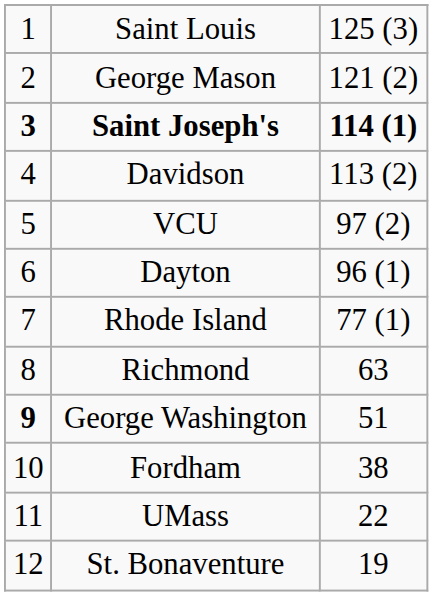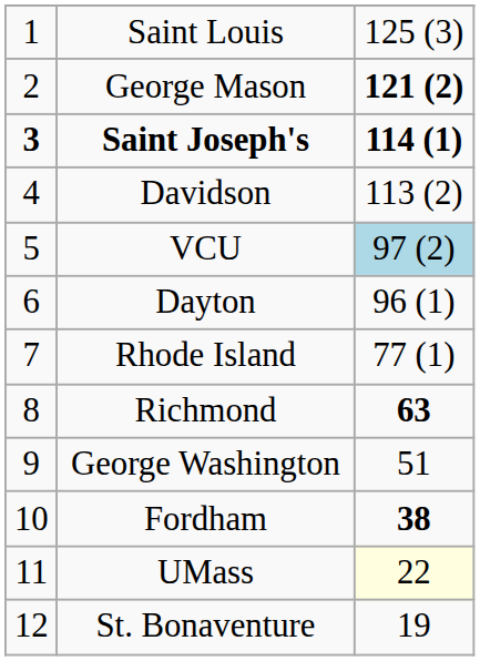 <table class="wikitable" style="width: 25%;text-align: center;">
 <tr align="center">
 </tr>
 <tr align="center">
 <td>1</td>
 <td>Saint Louis</td>
 <td>125 (3)</td>
 </tr>
 <tr>
 <td>2</td>
 <td>George Mason</td>
-<td>121 (2)</td>
+<td><strong>121 (2)</strong></td>
 </tr>
 <tr>
 <td><strong>3</strong></td>
 <td><strong>Saint Joseph's</strong></td>
 <td><strong>114 (1)</strong></td>
 </tr>
 <tr>
 <td>4</td>
 <td>Davidson</td>
 <td>113 (2)</td>
 </tr>
 <tr>
 <td>5</td>
 <td>VCU</td>
-<td>97 (2)</td>
+<td style="background: lightblue;">97 (2)</td>
 </tr>
 <tr>
 <td>6</td>
 <td>Dayton</td>
 <td>96 (1)</td>
 </tr>
 <tr>
 <td>7</td>
 <td>Rhode Island</td>
 <td>77 (1)</td>
 </tr>
 <tr>
 <td>8</td>
 <td>Richmond</td>
-<td>63</td>
+<td><strong>63</strong></td>
 </tr>
 <tr>
-<td><strong>9</strong></td>
+<td>9</td>
 <td>George Washington</td>
 <td>51</td>
 </tr>
 <tr>
 <td>10</td>
 <td>Fordham</td>
-<td>38</td>
+<td><strong>38</strong></td>
 </tr>
 <tr>
 <td>11</td>
 <td>UMass</td>
-<td>22</td>
+<td style="background: lightyellow;">22</td>
 </tr>
 <tr>
 <td>12</td>
 <td>St. Bonaventure</td>
 <td>19</td>
 </tr>
 </table>
